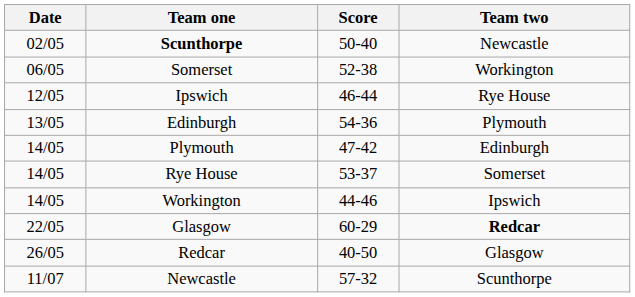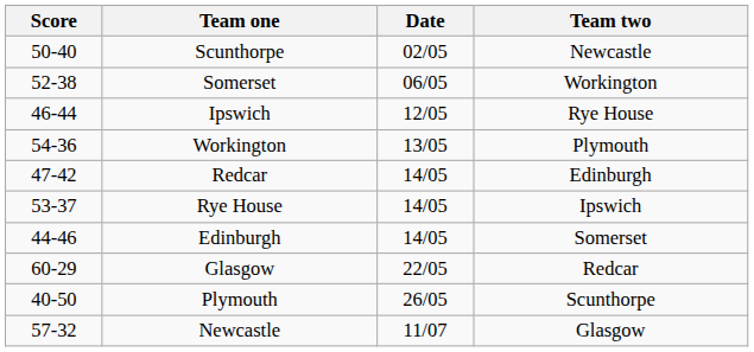 <table class="wikitable" style="text-align: center">
 <tr>
+<th width=80>Score</th>
+<th width=250>Team one</th>
 <th width=80>Date</th>
-<th width=250>Team one</th>
-<th width=80>Score</th>
 <th width=250>Team two</th>
 </tr>
 <tr>
+<td>50-40</td>
+<td>Scunthorpe</td>
 <td>02/05</td>
-<td><strong>Scunthorpe</strong></td>
-<td>50-40</td>
 <td>Newcastle</td>
 </tr>
 <tr>
+<td>52-38</td>
+<td>Somerset</td>
 <td>06/05</td>
-<td>Somerset</td>
-<td>52-38</td>
 <td>Workington</td>
 </tr>
 <tr>
+<td>46-44</td>
+<td>Ipswich</td>
 <td>12/05</td>
-<td>Ipswich</td>
-<td>46-44</td>
 <td>Rye House</td>
 </tr>
 <tr>
+<td>54-36</td>
+<td>Workington</td>
 <td>13/05</td>
-<td>Edinburgh</td>
-<td>54-36</td>
 <td>Plymouth</td>
 </tr>
 <tr>
+<td>47-42</td>
+<td>Redcar</td>
 <td>14/05</td>
-<td>Plymouth</td>
-<td>47-42</td>
 <td>Edinburgh</td>
 </tr>
 <tr>
+<td>53-37</td>
+<td>Rye House</td>
 <td>14/05</td>
-<td>Rye House</td>
-<td>53-37</td>
+<td>Ipswich</td>
+</tr>
+<tr>
+<td>44-46</td>
+<td>Edinburgh</td>
+<td>14/05</td>
 <td>Somerset</td>
 </tr>
 <tr>
-<td>14/05</td>
-<td>Workington</td>
-<td>44-46</td>
-<td>Ipswich</td>
+<td>60-29</td>
+<td>Glasgow</td>
+<td>22/05</td>
+<td>Redcar</td>
 </tr>
 <tr>
-<td>22/05</td>
-<td>Glasgow</td>
-<td>60-29</td>
-<td><strong>Redcar</strong></td>
+<td>40-50</td>
+<td>Plymouth</td>
+<td>26/05</td>
+<td>Scunthorpe</td>
 </tr>
 <tr>
-<td>26/05</td>
-<td>Redcar</td>
-<td>40-50</td>
+<td>57-32</td>
+<td>Newcastle</td>
+<td>11/07</td>
 <td>Glasgow</td>
 </tr>
-<tr>
-<td>11/07</td>
-<td>Newcastle</td>
-<td>57-32</td>
-<td>Scunthorpe</td>
-</tr>
 </table>
